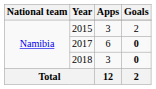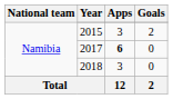 <table class=wikitable style=text-align:center>
 <tr>
 <th>National team</th>
 <th>Year</th>
 <th>Apps</th>
 <th>Goals</th>
 </tr>
 <tr>
 <td rowspan=4><a href='#'>Namibia</a></td>
 </tr>
 <tr>
 <td>2015</td>
 <td>3</td>
 <td>2</td>
 </tr>
 <tr>
 <td>2017</td>
-<td>6</td>
-<td><strong>0</strong></td>
+<td><strong>6</strong></td>
+<td>0</td>
 </tr>
 <tr>
 <td>2018</td>
 <td>3</td>
-<td><strong>0</strong></td>
+<td>0</td>
 </tr>
 <tr>
 <th colspan=2>Total</th>
 <th>12</th>
 <th>2</th>
 </tr>
 </table>
